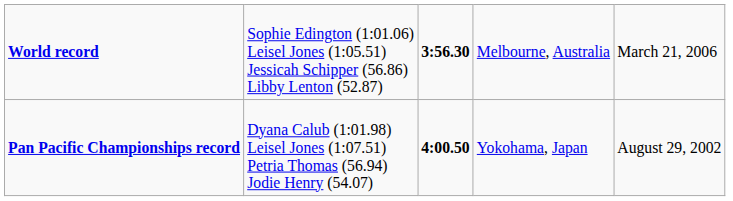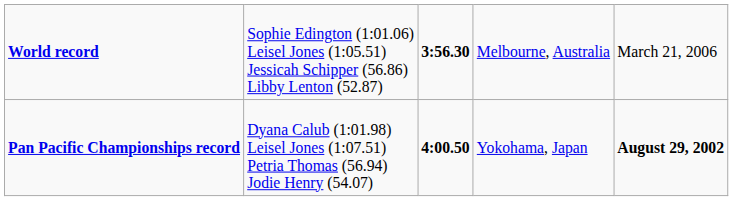 <table class="wikitable">
 <tr>
 <td><strong><a href='#'>World record</a></strong></td>
 <td><br><a href='#'>Sophie Edington</a> (1:01.06)<br><a href='#'>Leisel Jones</a> (1:05.51)<br><a href='#'>Jessicah Schipper</a> (56.86)<br><a href='#'>Libby Lenton</a> (52.87)</td>
 <td><strong>3:56.30</strong></td>
 <td><a href='#'>Melbourne</a>, <a href='#'>Australia</a></td>
 <td>March 21, 2006</td>
 </tr>
 <tr>
 <td><strong><a href='#'>Pan Pacific Championships record</a></strong></td>
 <td><br><a href='#'>Dyana Calub</a> (1:01.98)<br><a href='#'>Leisel Jones</a> (1:07.51)<br><a href='#'>Petria Thomas</a> (56.94)<br><a href='#'>Jodie Henry</a> (54.07)</td>
 <td><strong>4:00.50</strong></td>
 <td><a href='#'>Yokohama</a>, <a href='#'>Japan</a></td>
-<td>August 29, 2002</td>
+<td><strong>August 29, 2002</strong></td>
 </tr>
 </table>
